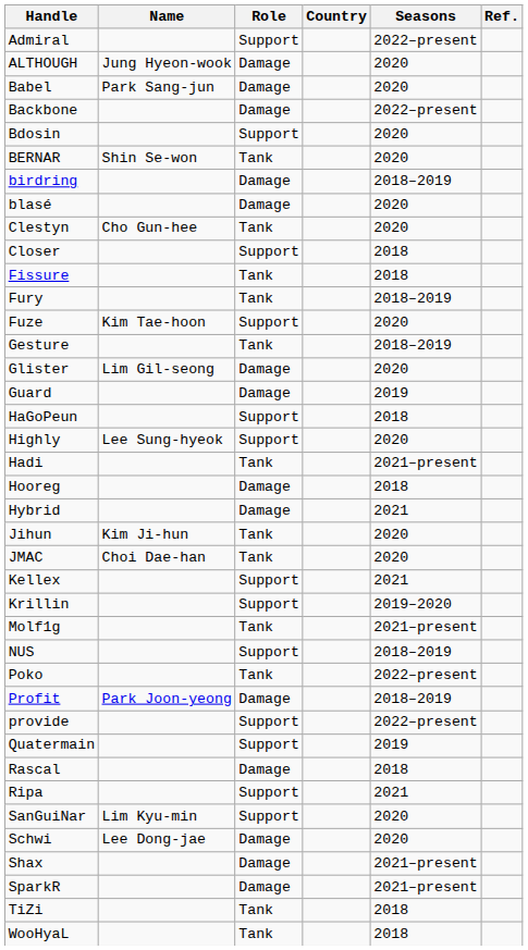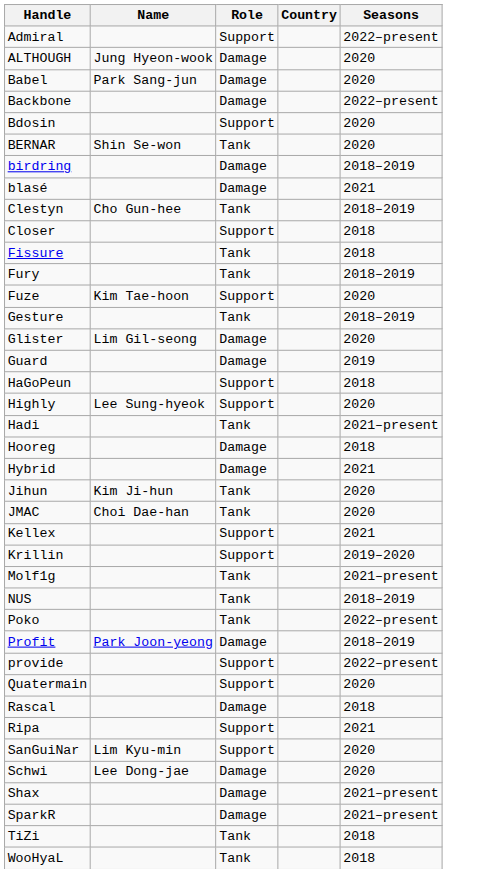 <table class="wikitable sortable" style="text-align:left;">
 <tr>
 <th style="background-color:#">Handle</th>
 <th style="background-color:#">Name</th>
 <th style="background-color:#">Role</th>
 <th style="background-color:#">Country</th>
 <th style="background-color:#">Seasons</th>
-<th style="background-color:#">Ref.</th>
 </tr>
 <tr>
 <td>Admiral</td>
 <td></td>
 <td>Support</td>
 <td></td>
 <td>2022–present</td>
-<td></td>
 </tr>
 <tr>
 <td>ALTHOUGH</td>
 <td>Jung Hyeon-wook</td>
 <td>Damage</td>
 <td></td>
 <td>2020</td>
-<td></td>
 </tr>
 <tr>
 <td>Babel</td>
 <td>Park Sang-jun</td>
 <td>Damage</td>
 <td></td>
 <td>2020</td>
-<td></td>
 </tr>
 <tr>
 <td>Backbone</td>
 <td></td>
 <td>Damage</td>
 <td></td>
 <td>2022–present</td>
-<td></td>
 </tr>
 <tr>
 <td>Bdosin</td>
 <td></td>
 <td>Support</td>
 <td></td>
 <td>2020</td>
-<td></td>
 </tr>
 <tr>
 <td>BERNAR</td>
 <td>Shin Se-won</td>
 <td>Tank</td>
 <td></td>
 <td>2020</td>
-<td></td>
 </tr>
 <tr>
 <td><a href='#'>birdring</a></td>
 <td></td>
 <td>Damage</td>
 <td></td>
 <td>2018–2019</td>
-<td></td>
 </tr>
 <tr>
 <td>blasé</td>
 <td></td>
 <td>Damage</td>
 <td></td>
-<td>2020</td>
-<td></td>
+<td>2021</td>
 </tr>
 <tr>
 <td>Clestyn</td>
 <td>Cho Gun-hee</td>
 <td>Tank</td>
 <td></td>
-<td>2020</td>
-<td></td>
+<td>2018–2019</td>
 </tr>
 <tr>
 <td>Closer</td>
 <td></td>
 <td>Support</td>
 <td></td>
 <td>2018</td>
-<td></td>
 </tr>
 <tr>
 <td><a href='#'>Fissure</a></td>
 <td></td>
 <td>Tank</td>
 <td></td>
 <td>2018</td>
-<td></td>
 </tr>
 <tr>
 <td>Fury</td>
 <td></td>
 <td>Tank</td>
 <td></td>
 <td>2018–2019</td>
-<td></td>
 </tr>
 <tr>
 <td>Fuze</td>
 <td>Kim Tae-hoon</td>
 <td>Support</td>
 <td></td>
 <td>2020</td>
-<td></td>
 </tr>
 <tr>
 <td>Gesture</td>
 <td></td>
 <td>Tank</td>
 <td></td>
 <td>2018–2019</td>
-<td></td>
 </tr>
 <tr>
 <td>Glister</td>
 <td>Lim Gil-seong</td>
 <td>Damage</td>
 <td></td>
 <td>2020</td>
-<td></td>
 </tr>
 <tr>
 <td>Guard</td>
 <td></td>
 <td>Damage</td>
 <td></td>
 <td>2019</td>
-<td></td>
 </tr>
 <tr>
 <td>HaGoPeun</td>
 <td></td>
 <td>Support</td>
 <td></td>
 <td>2018</td>
-<td></td>
 </tr>
 <tr>
 <td>Highly</td>
 <td>Lee Sung-hyeok</td>
 <td>Support</td>
 <td></td>
 <td>2020</td>
-<td></td>
 </tr>
 <tr>
 <td>Hadi</td>
 <td></td>
 <td>Tank</td>
 <td></td>
 <td>2021–present</td>
-<td></td>
 </tr>
 <tr>
 <td>Hooreg</td>
 <td></td>
 <td>Damage</td>
 <td></td>
 <td>2018</td>
-<td></td>
 </tr>
 <tr>
 <td>Hybrid</td>
 <td></td>
 <td>Damage</td>
 <td></td>
 <td>2021</td>
-<td></td>
 </tr>
 <tr>
 <td>Jihun</td>
 <td>Kim Ji-hun</td>
 <td>Tank</td>
 <td></td>
 <td>2020</td>
-<td></td>
 </tr>
 <tr>
 <td>JMAC</td>
 <td>Choi Dae-han</td>
 <td>Tank</td>
 <td></td>
 <td>2020</td>
-<td></td>
 </tr>
 <tr>
 <td>Kellex</td>
 <td></td>
 <td>Support</td>
 <td></td>
 <td>2021</td>
-<td></td>
 </tr>
 <tr>
 <td>Krillin</td>
 <td></td>
 <td>Support</td>
 <td></td>
 <td>2019–2020</td>
-<td></td>
 </tr>
 <tr>
 <td>Molf1g</td>
 <td></td>
 <td>Tank</td>
 <td></td>
 <td>2021–present</td>
-<td></td>
 </tr>
 <tr>
 <td>NUS</td>
 <td></td>
-<td>Support</td>
+<td>Tank</td>
 <td></td>
 <td>2018–2019</td>
-<td></td>
 </tr>
 <tr>
 <td>Poko</td>
 <td></td>
 <td>Tank</td>
 <td></td>
 <td>2022–present</td>
-<td></td>
 </tr>
 <tr>
 <td><a href='#'>Profit</a></td>
 <td><a href='#'>Park Joon-yeong</a></td>
 <td>Damage</td>
 <td></td>
 <td>2018–2019</td>
-<td></td>
 </tr>
 <tr>
 <td>provide</td>
 <td></td>
 <td>Support</td>
 <td></td>
 <td>2022–present</td>
-<td></td>
 </tr>
 <tr>
 <td>Quatermain</td>
 <td></td>
 <td>Support</td>
 <td></td>
-<td>2019</td>
-<td></td>
+<td>2020</td>
 </tr>
 <tr>
 <td>Rascal</td>
 <td></td>
 <td>Damage</td>
 <td></td>
 <td>2018</td>
-<td></td>
 </tr>
 <tr>
 <td>Ripa</td>
 <td></td>
 <td>Support</td>
 <td></td>
 <td>2021</td>
-<td></td>
 </tr>
 <tr>
 <td>SanGuiNar</td>
 <td>Lim Kyu-min</td>
 <td>Support</td>
 <td></td>
 <td>2020</td>
-<td></td>
 </tr>
 <tr>
 <td>Schwi</td>
 <td>Lee Dong-jae</td>
 <td>Damage</td>
 <td></td>
 <td>2020</td>
-<td></td>
 </tr>
 <tr>
 <td>Shax</td>
 <td></td>
 <td>Damage</td>
 <td></td>
 <td>2021–present</td>
-<td></td>
 </tr>
 <tr>
 <td>SparkR</td>
 <td></td>
 <td>Damage</td>
 <td></td>
 <td>2021–present</td>
-<td></td>
 </tr>
 <tr>
 <td>TiZi</td>
 <td></td>
 <td>Tank</td>
 <td></td>
 <td>2018</td>
-<td></td>
 </tr>
 <tr>
 <td>WooHyaL</td>
 <td></td>
 <td>Tank</td>
 <td></td>
 <td>2018</td>
-<td></td>
 </tr>
 </table>
